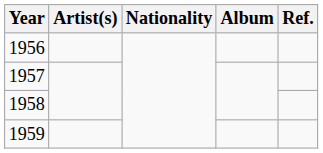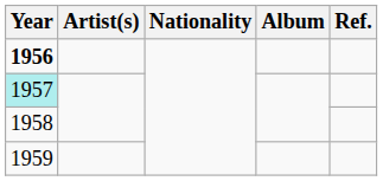 <table class="wikitable sortable">
 <tr>
 <th>Year</th>
 <th>Artist(s)</th>
 <th>Nationality</th>
 <th>Album</th>
 <th class=unsortable>Ref.</th>
 </tr>
 <tr>
-<td style="text-align:center;">1956</td>
+<td style="text-align:center;"><strong>1956</strong></td>
 <td></td>
 <td rowspan="4"></td>
 <td></td>
 <td style="text-align:center;"></td>
 </tr>
 <tr>
-<td style="text-align:center;">1957</td>
+<td style="background: paleturquoise; text-align:center;">1957</td>
 <td rowspan="2"></td>
 <td rowspan="2"><em></em></td>
 <td style="text-align:center;"></td>
 </tr>
 <tr>
 <td style="text-align:center;">1958</td>
 <td style="text-align:center;"></td>
 </tr>
 <tr>
 <td style="text-align:center;">1959</td>
 <td></td>
 <td></td>
 <td style="text-align:center;"></td>
 </tr>
 </table>
